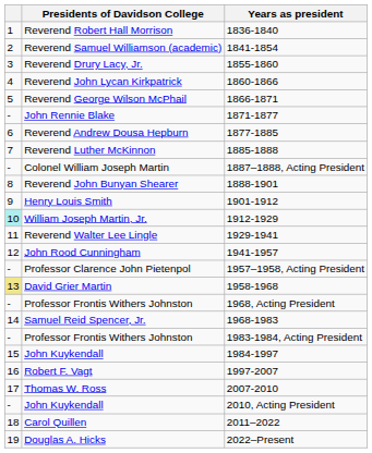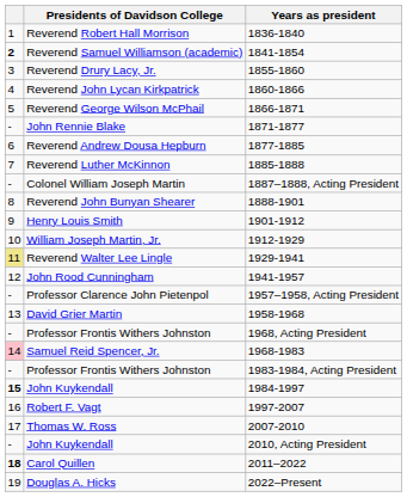 <table class="wikitable" style="font-size: 95%;">
 <tr>
 <th></th>
 <th>Presidents of Davidson College</th>
 <th>Years as president</th>
 </tr>
 <tr>
 <td>1</td>
 <td>Reverend <a href='#'>Robert Hall Morrison</a></td>
 <td>1836-1840</td>
 </tr>
 <tr>
-<td>2</td>
+<td><strong>2</strong></td>
 <td>Reverend <a href='#'>Samuel Williamson (academic)</a></td>
 <td>1841-1854</td>
 </tr>
 <tr>
 <td>3</td>
 <td>Reverend <a href='#'>Drury Lacy, Jr.</a></td>
 <td>1855-1860</td>
 </tr>
 <tr>
 <td>4</td>
 <td>Reverend <a href='#'>John Lycan Kirkpatrick</a></td>
 <td>1860-1866</td>
 </tr>
 <tr>
 <td>5</td>
 <td>Reverend <a href='#'>George Wilson McPhail</a></td>
 <td>1866-1871</td>
 </tr>
 <tr>
 <td>-</td>
 <td><a href='#'>John Rennie Blake</a></td>
 <td>1871-1877</td>
 </tr>
 <tr>
 <td>6</td>
 <td>Reverend <a href='#'>Andrew Dousa Hepburn</a></td>
 <td>1877-1885</td>
 </tr>
 <tr>
 <td>7</td>
 <td>Reverend <a href='#'>Luther McKinnon</a></td>
 <td>1885-1888</td>
 </tr>
 <tr>
 <td>-</td>
 <td>Colonel William Joseph Martin</td>
 <td>1887–1888, Acting President</td>
 </tr>
 <tr>
 <td>8</td>
 <td>Reverend <a href='#'>John Bunyan Shearer</a></td>
 <td>1888-1901</td>
 </tr>
 <tr>
 <td>9</td>
 <td><a href='#'>Henry Louis Smith</a></td>
 <td>1901-1912</td>
 </tr>
 <tr>
-<td style="background: paleturquoise;">10</td>
+<td>10</td>
 <td><a href='#'>William Joseph Martin, Jr.</a></td>
 <td>1912-1929</td>
 </tr>
 <tr>
-<td>11</td>
+<td style="background: khaki;">11</td>
 <td>Reverend <a href='#'>Walter Lee Lingle</a></td>
 <td>1929-1941</td>
 </tr>
 <tr>
 <td>12</td>
 <td><a href='#'>John Rood Cunningham</a></td>
 <td>1941-1957</td>
 </tr>
 <tr>
 <td>-</td>
 <td>Professor Clarence John Pietenpol</td>
 <td>1957–1958, Acting President</td>
 </tr>
 <tr>
-<td style="background: khaki;">13</td>
+<td>13</td>
 <td><a href='#'>David Grier Martin</a></td>
 <td>1958-1968</td>
 </tr>
 <tr>
 <td>-</td>
 <td>Professor Frontis Withers Johnston</td>
 <td>1968, Acting President</td>
 </tr>
 <tr>
-<td>14</td>
+<td style="background: pink;">14</td>
 <td><a href='#'>Samuel Reid Spencer, Jr.</a></td>
 <td>1968-1983</td>
 </tr>
 <tr>
 <td>-</td>
 <td>Professor Frontis Withers Johnston</td>
 <td>1983-1984, Acting President</td>
 </tr>
 <tr>
-<td>15</td>
+<td><strong>15</strong></td>
 <td><a href='#'>John Kuykendall</a></td>
 <td>1984-1997</td>
 </tr>
 <tr>
 <td>16</td>
 <td><a href='#'>Robert F. Vagt</a></td>
 <td>1997-2007</td>
 </tr>
 <tr>
 <td>17</td>
 <td><a href='#'>Thomas W. Ross</a></td>
 <td>2007-2010</td>
 </tr>
 <tr>
 <td>-</td>
 <td><a href='#'>John Kuykendall</a></td>
 <td>2010, Acting President</td>
 </tr>
 <tr>
-<td>18</td>
+<td><strong>18</strong></td>
 <td><a href='#'>Carol Quillen</a></td>
 <td>2011–2022</td>
 </tr>
 <tr>
 <td>19</td>
 <td><a href='#'>Douglas A. Hicks</a></td>
 <td>2022–Present</td>
 </tr>
 </table>
